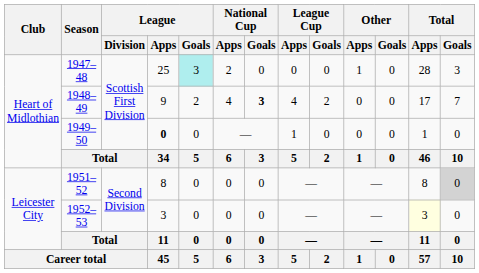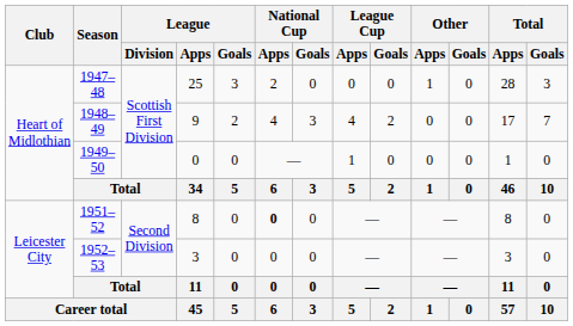 <table class="wikitable" style="text-align: center">
 <tr>
 <th rowspan="2">Club</th>
 <th rowspan="2">Season</th>
 <th colspan="3">League</th>
 <th colspan="2">National Cup</th>
 <th colspan="2">League Cup</th>
 <th colspan="2">Other</th>
 <th colspan="2">Total</th>
 </tr>
 <tr>
 <th>Division</th>
 <th>Apps</th>
 <th>Goals</th>
 <th>Apps</th>
 <th>Goals</th>
 <th>Apps</th>
 <th>Goals</th>
 <th>Apps</th>
 <th>Goals</th>
 <th>Apps</th>
 <th>Goals</th>
 </tr>
 <tr>
 <td rowspan="4"><a href='#'>Heart of Midlothian</a></td>
 <td><a href='#'>1947–48</a></td>
 <td rowspan="3"><a href='#'>Scottish First Division</a></td>
 <td>25</td>
-<td style="background: paleturquoise;">3</td>
+<td>3</td>
 <td>2</td>
 <td>0</td>
 <td>0</td>
 <td>0</td>
 <td>1</td>
 <td>0</td>
 <td>28</td>
 <td>3</td>
 </tr>
 <tr>
 <td><a href='#'>1948–49</a></td>
 <td>9</td>
 <td>2</td>
 <td>4</td>
-<td><strong>3</strong></td>
+<td>3</td>
 <td>4</td>
 <td>2</td>
 <td>0</td>
 <td>0</td>
 <td>17</td>
 <td>7</td>
 </tr>
 <tr>
 <td><a href='#'>1949–50</a></td>
-<td><strong>0</strong></td>
+<td>0</td>
 <td>0</td>
 <td colspan="2">―</td>
 <td>1</td>
 <td>0</td>
 <td>0</td>
 <td>0</td>
 <td>1</td>
 <td>0</td>
 </tr>
 <tr>
 <th colspan="2">Total</th>
 <th>34</th>
 <th>5</th>
 <th>6</th>
 <th>3</th>
 <th>5</th>
 <th>2</th>
 <th>1</th>
 <th>0</th>
 <th>46</th>
 <th>10</th>
 </tr>
 <tr>
 <td rowspan="3"><a href='#'>Leicester City</a></td>
 <td><a href='#'>1951–52</a></td>
 <td rowspan="2"><a href='#'>Second Division</a></td>
 <td>8</td>
 <td>0</td>
-<td>0</td>
+<td><strong>0</strong></td>
 <td>0</td>
 <td colspan="2">―</td>
 <td colspan="2">―</td>
 <td>8</td>
-<td style="background: lightgrey;">0</td>
+<td>0</td>
 </tr>
 <tr>
 <td><a href='#'>1952–53</a></td>
 <td>3</td>
 <td>0</td>
 <td>0</td>
 <td>0</td>
 <td colspan="2">―</td>
 <td colspan="2">―</td>
-<td style="background: lightyellow;">3</td>
+<td>3</td>
 <td>0</td>
 </tr>
 <tr>
 <th colspan="2">Total</th>
 <th>11</th>
 <th>0</th>
 <th>0</th>
 <th>0</th>
 <th colspan="2">―</th>
 <th colspan="2">―</th>
 <th>11</th>
 <th>0</th>
 </tr>
 <tr>
 <th colspan="3">Career total</th>
 <th>45</th>
 <th>5</th>
 <th>6</th>
 <th>3</th>
 <th>5</th>
 <th>2</th>
 <th>1</th>
 <th>0</th>
 <th>57</th>
 <th>10</th>
 </tr>
 </table>
